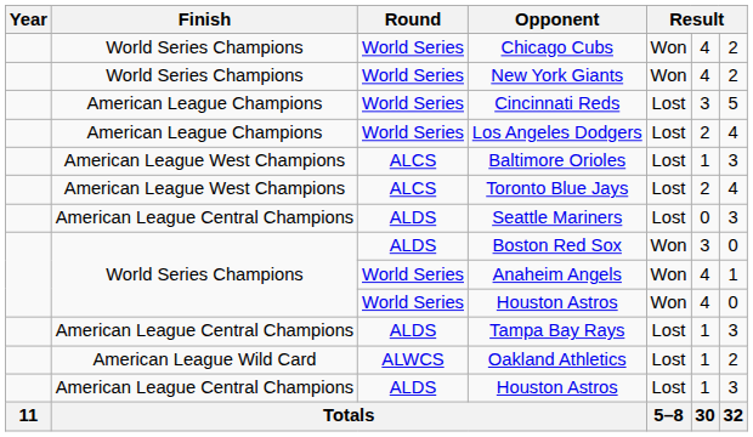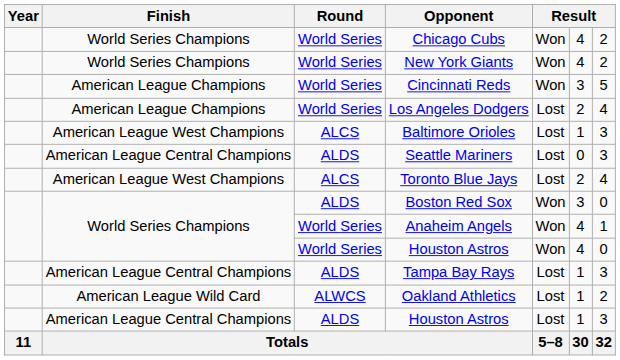 <table class="wikitable">
 <tr>
 <th colspan=1>Year</th>
 <th colspan=1>Finish</th>
 <th colspan=1>Round</th>
 <th colspan=1>Opponent</th>
 <th colspan=3>Result</th>
 </tr>
 <tr>
 <td align="center" rowspan="1"></td>
 <td align="center" rowspan="1">World Series Champions</td>
 <td align="center"><a href='#'>World Series</a></td>
 <td align="center"><a href='#'>Chicago Cubs</a></td>
 <td align="center">Won</td>
 <td align="center">4</td>
 <td align="center">2</td>
 </tr>
 <tr>
 <td align="center" rowspan="1"></td>
 <td align="center" rowspan="1">World Series Champions</td>
 <td align="center"><a href='#'>World Series</a></td>
 <td align="center"><a href='#'>New York Giants</a></td>
 <td align="center">Won</td>
 <td align="center">4</td>
 <td align="center">2</td>
 </tr>
 <tr>
 <td align="center" rowspan="1"></td>
 <td align="center" rowspan="1">American League Champions</td>
 <td align="center"><a href='#'>World Series</a></td>
 <td align="center"><a href='#'>Cincinnati Reds</a></td>
-<td align="center">Lost</td>
+<td align="center">Won</td>
 <td align="center">3</td>
 <td align="center">5</td>
 </tr>
 <tr>
 <td align="center" rowspan="1"></td>
 <td align="center" rowspan="1">American League Champions</td>
 <td align="center"><a href='#'>World Series</a></td>
 <td align="center"><a href='#'>Los Angeles Dodgers</a></td>
 <td align="center">Lost</td>
 <td align="center">2</td>
 <td align="center">4</td>
 </tr>
 <tr>
 <td align="center" rowspan="1"></td>
 <td align="center" rowspan="1">American League West Champions</td>
 <td align="center"><a href='#'>ALCS</a></td>
 <td align="center"><a href='#'>Baltimore Orioles</a></td>
 <td align="center">Lost</td>
 <td align="center">1</td>
 <td align="center">3</td>
 </tr>
 <tr>
 <td align="center" rowspan="1"></td>
+<td align="center" rowspan="1">American League Central Champions</td>
+<td align="center"><a href='#'>ALDS</a></td>
+<td align="center"><a href='#'>Seattle Mariners</a></td>
+<td align="center">Lost</td>
+<td align="center">0</td>
+<td align="center">3</td>
+</tr>
+<tr>
+<td align="center" rowspan="1"></td>
 <td align="center" rowspan="1">American League West Champions</td>
 <td align="center"><a href='#'>ALCS</a></td>
 <td align="center"><a href='#'>Toronto Blue Jays</a></td>
 <td align="center">Lost</td>
 <td align="center">2</td>
 <td align="center">4</td>
-</tr>
-<tr>
-<td align="center" rowspan="1"></td>
-<td align="center" rowspan="1">American League Central Champions</td>
-<td align="center"><a href='#'>ALDS</a></td>
-<td align="center"><a href='#'>Seattle Mariners</a></td>
-<td align="center">Lost</td>
-<td align="center">0</td>
-<td align="center">3</td>
 </tr>
 <tr>
 <td align="center" rowspan="3"></td>
 <td align="center" rowspan="3">World Series Champions</td>
 <td align="center"><a href='#'>ALDS</a></td>
 <td align="center"><a href='#'>Boston Red Sox</a></td>
 <td align="center">Won</td>
 <td align="center">3</td>
 <td align="center">0</td>
 </tr>
 <tr>
 <td align="center"><a href='#'>World Series</a></td>
 <td align="center"><a href='#'>Anaheim Angels</a></td>
 <td align="center">Won</td>
 <td align="center">4</td>
 <td align="center">1</td>
 </tr>
 <tr>
 <td align="center"><a href='#'>World Series</a></td>
 <td align="center"><a href='#'>Houston Astros</a></td>
 <td align="center">Won</td>
 <td align="center">4</td>
 <td align="center">0</td>
 </tr>
 <tr>
 <td align="center" rowspan="1"></td>
 <td align="center" rowspan="1">American League Central Champions</td>
 <td align="center"><a href='#'>ALDS</a></td>
 <td align="center"><a href='#'>Tampa Bay Rays</a></td>
 <td align="center">Lost</td>
 <td align="center">1</td>
 <td align="center">3</td>
 </tr>
 <tr>
 <td align="center" rowspan="1"></td>
 <td align="center" rowspan="1">American League Wild Card</td>
 <td align="center"><a href='#'>ALWCS</a></td>
 <td align="center"><a href='#'>Oakland Athletics</a></td>
 <td align="center">Lost</td>
 <td align="center">1</td>
 <td align="center">2</td>
 </tr>
 <tr>
 <td align="center" rowspan="1"></td>
 <td align="center" rowspan="1">American League Central Champions</td>
 <td align="center"><a href='#'>ALDS</a></td>
 <td align="center"><a href='#'>Houston Astros</a></td>
 <td align="center">Lost</td>
 <td align="center">1</td>
 <td align="center">3</td>
 </tr>
 <tr>
 <th align="center">11</th>
 <th colspan="3">Totals</th>
 <th>5–8</th>
 <th>30</th>
 <th>32</th>
 </tr>
 </table>
